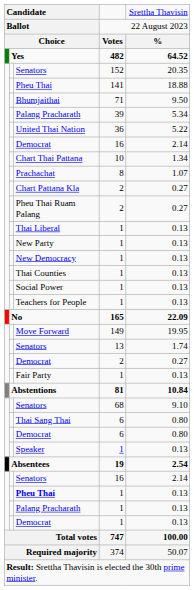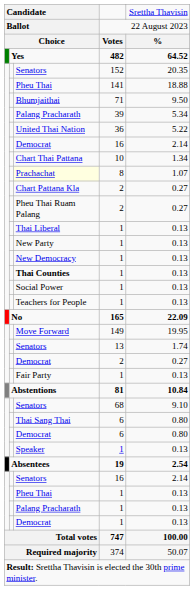 <table class="wikitable" style="font-size:90%; text-align:center; width:300px;">
 <tr>
 <th colspan="3" style="text-align:left;">Candidate</th>
 <td style="background:"></td>
 <td colspan="2" style="text-align: right; width:103px;"><a href='#'>Srettha Thavisin</a></td>
 </tr>
 <tr>
 <th colspan="3" style="text-align:left;">Ballot</th>
 <td colspan="3" style="text-align:right;">22 August 2023</td>
 </tr>
 <tr>
 <th colspan="3">Choice</th>
 <th colspan="2">Votes</th>
 <th>%</th>
 </tr>
 <tr>
 <td style="background-color:#008000; width:1px"></td>
 <td colspan="2" style="text-align:left;"><strong>Yes</strong></td>
 <td colspan="2" style="text-align:right;"><strong>482</strong></td>
 <td style="text-align:right;"><strong>64.52</strong></td>
 </tr>
 <tr>
 <td rowspan="16"></td>
 <td style="background:"></td>
 <td style="text-align:left;"><a href='#'>Senators</a></td>
 <td colspan="2" style="text-align:right;">152</td>
 <td style="text-align:right;">20.35</td>
 </tr>
 <tr>
 <td style="background:"></td>
 <td style="text-align:left;"><a href='#'>Pheu Thai</a></td>
 <td colspan="2" style="text-align:right;">141</td>
 <td style="text-align:right;">18.88</td>
 </tr>
 <tr>
 <td style="background:"></td>
 <td style="text-align:left;"><a href='#'>Bhumjaithai</a></td>
 <td colspan="2" style="text-align:right;">71</td>
 <td style="text-align:right;">9.50</td>
 </tr>
 <tr>
 <td style="background:"></td>
 <td style="text-align:left;"><a href='#'>Palang Pracharath</a></td>
 <td colspan="2" style="text-align:right;">39</td>
 <td style="text-align:right;">5.34</td>
 </tr>
 <tr>
 <td style="background:"></td>
 <td style="text-align:left;"><a href='#'>United Thai Nation</a></td>
 <td colspan="2" style="text-align:right;">36</td>
 <td style="text-align:right;">5.22</td>
 </tr>
 <tr>
 <td style="background:"></td>
 <td style="text-align:left;"><a href='#'>Democrat</a></td>
 <td colspan="2" style="text-align:right;">16</td>
 <td style="text-align:right;">2.14</td>
 </tr>
 <tr>
 <td style="background:"></td>
 <td style="text-align:left;"><a href='#'>Chart Thai Pattana</a></td>
 <td colspan="2" style="text-align:right;">10</td>
 <td style="text-align:right;">1.34</td>
 </tr>
 <tr>
 <td style="background:"></td>
-<td style="text-align:left;"><a href='#'>Prachachat</a></td>
+<td style="background: lightyellow; text-align:left;"><a href='#'>Prachachat</a></td>
 <td colspan="2" style="text-align:right;">8</td>
 <td style="text-align:right;">1.07</td>
 </tr>
 <tr>
 <td style="background:"></td>
 <td style="text-align:left;"><a href='#'>Chart Pattana Kla</a></td>
 <td colspan="2" style="text-align:right;">2</td>
 <td style="text-align:right;">0.27</td>
 </tr>
 <tr>
 <td style="background:"></td>
 <td style="text-align:left;">Pheu Thai Ruam Palang</td>
 <td colspan="2" style="text-align:right;">2</td>
 <td style="text-align:right;">0.27</td>
 </tr>
 <tr>
 <td style="background:"></td>
 <td style="text-align:left;"><a href='#'>Thai Liberal</a></td>
 <td colspan="2" style="text-align:right;">1</td>
 <td style="text-align:right;">0.13</td>
 </tr>
 <tr>
 <td style="background:"></td>
 <td style="text-align:left;">New Party</td>
 <td colspan="2" style="text-align:right;">1</td>
 <td style="text-align:right;">0.13</td>
 </tr>
 <tr>
 <td style="background:"></td>
 <td style="text-align:left;"><a href='#'>New Democracy</a></td>
 <td colspan="2" style="text-align:right;">1</td>
 <td style="text-align:right;">0.13</td>
 </tr>
 <tr>
 <td style="background:"></td>
-<td style="text-align:left;">Thai Counties</td>
+<td style="text-align:left;"><strong>Thai Counties</strong></td>
 <td colspan="2" style="text-align:right;">1</td>
 <td style="text-align:right;">0.13</td>
 </tr>
 <tr>
 <td style="background:"></td>
 <td style="text-align:left;">Social Power</td>
 <td colspan="2" style="text-align:right;">1</td>
 <td style="text-align:right;">0.13</td>
 </tr>
 <tr>
 <td style="background:"></td>
 <td style="text-align:left;">Teachers for People</td>
 <td colspan="2" style="text-align:right;">1</td>
 <td style="text-align:right;">0.13</td>
 </tr>
 <tr>
 <td style="background-color:#FF0000; width:1px"></td>
 <td colspan="2" style="text-align:left;"><strong>No</strong></td>
 <td colspan="2" style="text-align:right;"><strong>165</strong></td>
 <td style="text-align:right;"><strong>22.09</strong></td>
 </tr>
 <tr>
 <td rowspan="4"></td>
 <td style="background:"></td>
 <td style="text-align:left;"><a href='#'>Move Forward</a></td>
 <td colspan="2" style="text-align:right;">149</td>
 <td style="text-align:right;">19.95</td>
 </tr>
 <tr>
 <td style="background:"></td>
 <td style="text-align:left;"><a href='#'>Senators</a></td>
 <td colspan="2" style="text-align:right;">13</td>
 <td style="text-align:right;">1.74</td>
 </tr>
 <tr>
 <td style="background:"></td>
 <td style="text-align:left;"><a href='#'>Democrat</a></td>
 <td colspan="2" style="text-align:right;">2</td>
 <td style="text-align:right;">0.27</td>
 </tr>
 <tr>
 <td style="background:"></td>
 <td style="text-align:left;">Fair Party</td>
 <td colspan="2" style="text-align:right;">1</td>
 <td style="text-align:right;">0.13</td>
 </tr>
 <tr>
 <td style="background-color:#808080; width:1px"></td>
 <td colspan="2" style="text-align:left;"><strong>Abstentions</strong></td>
 <td colspan="2" style="text-align:right;"><strong>81</strong></td>
 <td style="text-align:right;"><strong>10.84</strong></td>
 </tr>
 <tr>
 <td rowspan="4"></td>
 <td style="background:"></td>
 <td style="text-align:left;"><a href='#'>Senators</a></td>
 <td colspan="2" style="text-align:right;">68</td>
 <td style="text-align:right;">9.10</td>
 </tr>
 <tr>
 <td style="background:"></td>
 <td style="text-align:left;"><a href='#'>Thai Sang Thai</a></td>
 <td colspan="2" style="text-align:right;">6</td>
 <td style="text-align:right;">0.80</td>
 </tr>
 <tr>
 <td style="background:"></td>
 <td style="text-align:left;"><a href='#'>Democrat</a></td>
 <td colspan="2" style="text-align:right;">6</td>
 <td style="text-align:right;">0.80</td>
 </tr>
 <tr>
 <td style="background:"></td>
 <td style="text-align:left;"><a href='#'>Spea</a><a href='#'>ker</a></td>
 <td colspan="2" style="text-align:right;"><a href='#'>1</a></td>
 <td style="text-align:right;">0.13</td>
 </tr>
 <tr>
 <td style="background-color:#000000; width:1px"></td>
 <td colspan="2" style="text-align:left;"><strong>Absentees</strong></td>
 <td colspan="2" style="text-align:right;"><strong>19</strong></td>
 <td style="text-align:right;"><strong>2.54</strong></td>
 </tr>
 <tr>
 <td rowspan="4"></td>
 <td style="background:"></td>
 <td style="text-align:left;"><a href='#'>Senators</a></td>
 <td colspan="2" style="text-align:right;">16</td>
 <td style="text-align:right;">2.14</td>
 </tr>
 <tr>
 <td style="background:"></td>
-<td style="text-align:left;"><strong><a href='#'>Pheu Thai</a></strong></td>
+<td style="text-align:left;"><a href='#'>Pheu Thai</a></td>
 <td colspan="2" style="text-align:right;">1</td>
 <td style="text-align:right;">0.13</td>
 </tr>
 <tr>
 <td style="background:"></td>
 <td style="text-align:left;"><a href='#'>Palang Pracharath</a></td>
 <td colspan="2" style="text-align:right;">1</td>
 <td style="text-align:right;">0.13</td>
 </tr>
 <tr>
 <td style="background:"></td>
 <td style="text-align:left;"><a href='#'>Democrat</a></td>
 <td colspan="2" style="text-align:right;">1</td>
 <td style="text-align:right;">0.13</td>
 </tr>
 <tr style="background-color:#F6F6F6;">
 <th colspan="3" style="text-align:right;">Total votes</th>
 <td colspan="2" style="text-align:right;"><strong>747</strong></td>
 <td style="text-align:right;"><strong>100.00</strong></td>
 </tr>
 <tr style="background-color:#F6F6F6;">
 <th colspan="3" style="text-align:right;">Required majority</th>
 <td colspan="2" style="text-align:right;">374</td>
 <td style="text-align:right;">50.07</td>
 </tr>
 <tr>
 <td colspan="6" style="text-align:left;"><strong>Result:</strong> Srettha Thavisin is elected the 30th <a href='#'>prime minister</a>.</td>
 </tr>
 </table>
